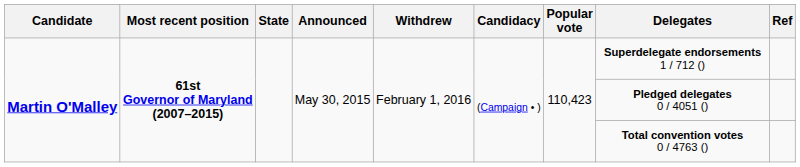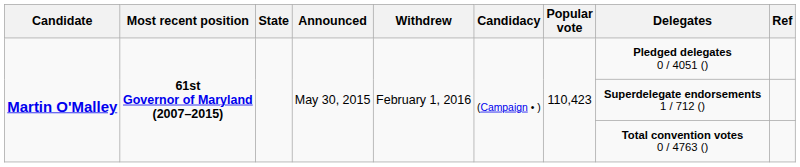 <table class="wikitable sortable" style="text-align:center">
 <tr>
 <th>Candidate</th>
 <th>Most recent position</th>
 <th>State</th>
 <th>Announced</th>
 <th>Withdrew</th>
 <th>Candidacy</th>
 <th>Popular<br>vote</th>
 <th>Delegates</th>
 <th class = "unsortable">Ref</th>
 </tr>
 <tr>
 <td data-sort-value="O'Malley" rowspan="3"> <br> <strong><big><a href='#'>Martin O'Malley</a></big></strong></td>
 <td rowspan="3"><strong>61st<br><a href='#'>Governor of Maryland</a><br> (2007–2015)</strong></td>
 <td rowspan="3"></td>
 <td rowspan="3" style="text-align:center;">May 30, 2015</td>
 <td rowspan="3" style="text-align:center;">February 1, 2016</td>
 <td rowspan="3"><small><br></small><small>(<a href='#'>Campaign</a> •  )</small><small><br></small></td>
 <td rowspan="3">110,423</td>
-<td style="font-size:90%; padding:10px;"><strong>Superdelegate endorsements</strong> <br> 1 / 712 ()<br> </td>
+<td style="font-size:90%; padding:10px;"><strong>Pledged delegates</strong> <br> 0 / 4051 ()<br> </td>
 <td></td>
 </tr>
 <tr>
-<td style="font-size:90%; padding:10px;"><strong>Pledged delegates</strong> <br> 0 / 4051 ()<br> </td>
+<td style="font-size:90%; padding:10px;"><strong>Superdelegate endorsements</strong> <br> 1 / 712 ()<br> </td>
 <td></td>
 </tr>
 <tr>
 <td style="font-size:90%; padding:10px;"><strong>Total convention votes</strong> <br> 0 / 4763 ()</td>
 <td rowspan="3"></td>
 </tr>
 </table>
